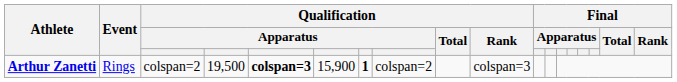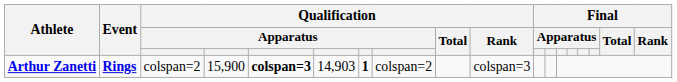 <table class="wikitable" style="font-size:90%">
 <tr>
 <th rowspan=3>Athlete</th>
 <th rowspan=3>Event</th>
 <th colspan =8>Qualification</th>
 <th colspan =8>Final</th>
 </tr>
 <tr style="font-size:95%">
 <th colspan=6>Apparatus</th>
 <th rowspan=2>Total</th>
 <th rowspan=2>Rank</th>
 <th colspan=6>Apparatus</th>
 <th rowspan=2>Total</th>
 <th rowspan=2>Rank</th>
 </tr>
 <tr style="font-size:95%">
 <th></th>
 <th></th>
 <th></th>
 <th></th>
 <th></th>
 <th></th>
 <th></th>
 <th></th>
 <th></th>
 <th></th>
 <th></th>
 <th></th>
 </tr>
 <tr align=center>
 <td align=left><strong><a href='#'>Arthur Zanetti</a></strong></td>
-<td align=left><a href='#'>Rings</a></td>
+<td align=left><strong><a href='#'>Rings</a></strong></td>
 <td>colspan=2 </td>
-<td>19,500</td>
+<td>15,900</td>
 <td><strong>colspan=3 </strong></td>
-<td>15,900</td>
+<td>14,903</td>
 <td><strong>1</strong></td>
 <td>colspan=2 </td>
 <td></td>
 <td>colspan=3 </td>
 <td></td>
 <td></td>
 </tr>
 </table>
